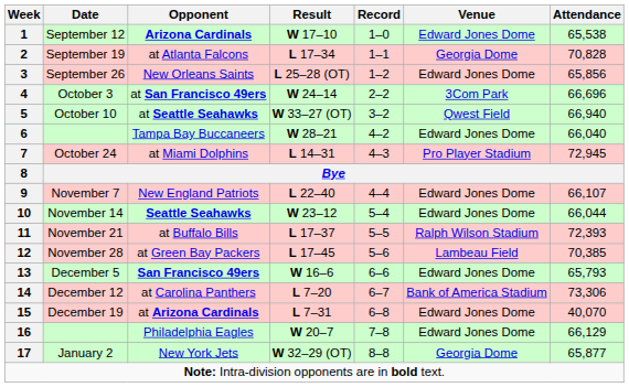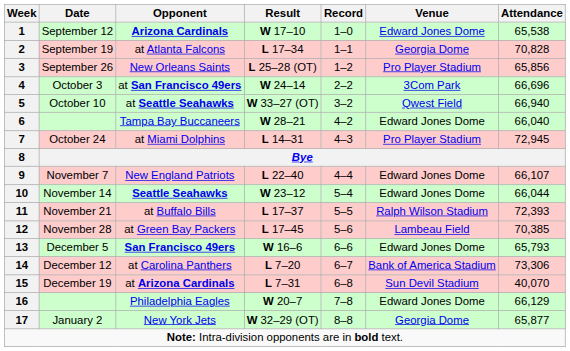 <table class="wikitable" style="text-align:center">
 <tr>
 <th>Week</th>
 <th>Date</th>
 <th>Opponent</th>
 <th>Result</th>
 <th>Record</th>
 <th>Venue</th>
 <th>Attendance</th>
 </tr>
 <tr style="background:#cfc">
 <th>1</th>
 <td>September 12</td>
 <td><strong><a href='#'>Arizona Cardinals</a></strong></td>
 <td><strong>W</strong> 17–10</td>
 <td>1–0</td>
 <td><a href='#'>Edward Jones Dome</a></td>
 <td>65,538</td>
 </tr>
 <tr style="background:#fcc">
 <th>2</th>
 <td>September 19</td>
 <td>at <a href='#'>Atlanta Falcons</a></td>
 <td><strong>L</strong> 17–34</td>
 <td>1–1</td>
 <td><a href='#'>Georgia Dome</a></td>
 <td>70,828</td>
 </tr>
 <tr style="background:#fcc">
 <th>3</th>
 <td>September 26</td>
 <td><a href='#'>New Orleans Saints</a></td>
 <td><strong>L</strong> 25–28 (OT)</td>
 <td>1–2</td>
-<td>Edward Jones Dome</td>
+<td><a href='#'>Pro Player Stadium</a></td>
 <td>65,856</td>
 </tr>
 <tr style="background:#cfc">
 <th>4</th>
 <td>October 3</td>
 <td>at <strong><a href='#'>San Francisco 49ers</a></strong></td>
 <td><strong>W</strong> 24–14</td>
 <td>2–2</td>
 <td><a href='#'>3Com Park</a></td>
 <td>66,696</td>
 </tr>
 <tr style="background:#cfc">
 <th>5</th>
 <td>October 10</td>
 <td>at <strong><a href='#'>Seattle Seahawks</a></strong></td>
 <td><strong>W</strong> 33–27 (OT)</td>
 <td>3–2</td>
 <td><a href='#'>Qwest Field</a></td>
 <td>66,940</td>
 </tr>
 <tr style="background:#cfc">
 <th>6</th>
 <td></td>
 <td><a href='#'>Tampa Bay Buccaneers</a></td>
 <td><strong>W</strong> 28–21</td>
 <td>4–2</td>
 <td>Edward Jones Dome</td>
 <td>66,040</td>
 </tr>
 <tr style="background:#fcc">
 <th>7</th>
 <td>October 24</td>
 <td>at <a href='#'>Miami Dolphins</a></td>
 <td><strong>L</strong> 14–31</td>
 <td>4–3</td>
 <td><a href='#'>Pro Player Stadium</a></td>
 <td>72,945</td>
 </tr>
 <tr>
 <th>8</th>
 <th colspan="6"><em><a href='#'>Bye</a></em></th>
 </tr>
 <tr style="background:#fcc">
 <th>9</th>
 <td>November 7</td>
 <td><a href='#'>New England Patriots</a></td>
 <td><strong>L</strong> 22–40</td>
 <td>4–4</td>
 <td>Edward Jones Dome</td>
 <td>66,107</td>
 </tr>
 <tr style="background:#cfc">
 <th>10</th>
 <td>November 14</td>
 <td><strong><a href='#'>Seattle Seahawks</a></strong></td>
 <td><strong>W</strong> 23–12</td>
 <td>5–4</td>
 <td>Edward Jones Dome</td>
 <td>66,044</td>
 </tr>
 <tr style="background:#fcc">
 <th>11</th>
 <td>November 21</td>
 <td>at <a href='#'>Buffalo Bills</a></td>
 <td><strong>L</strong> 17–37</td>
 <td>5–5</td>
 <td><a href='#'>Ralph Wilson Stadium</a></td>
 <td>72,393</td>
 </tr>
 <tr style="background:#fcc">
 <th>12</th>
 <td>November 28</td>
 <td>at <a href='#'>Green Bay Packers</a></td>
 <td><strong>L</strong> 17–45</td>
 <td>5–6</td>
 <td><a href='#'>Lambeau Field</a></td>
 <td>70,385</td>
 </tr>
 <tr style="background:#cfc">
 <th>13</th>
 <td>December 5</td>
 <td><strong><a href='#'>San Francisco 49ers</a></strong></td>
 <td><strong>W</strong> 16–6</td>
 <td>6–6</td>
 <td>Edward Jones Dome</td>
 <td>65,793</td>
 </tr>
 <tr style="background:#fcc">
 <th>14</th>
 <td>December 12</td>
 <td>at <a href='#'>Carolina Panthers</a></td>
 <td><strong>L</strong> 7–20</td>
 <td>6–7</td>
 <td><a href='#'>Bank of America Stadium</a></td>
 <td>73,306</td>
 </tr>
 <tr style="background:#fcc">
 <th>15</th>
 <td>December 19</td>
 <td>at <strong><a href='#'>Arizona Cardinals</a></strong></td>
 <td><strong>L</strong> 7–31</td>
 <td>6–8</td>
-<td>Edward Jones Dome</td>
+<td><a href='#'>Sun Devil Stadium</a></td>
 <td>40,070</td>
 </tr>
 <tr style="background:#cfc">
 <th>16</th>
 <td></td>
 <td><a href='#'>Philadelphia Eagles</a></td>
 <td><strong>W</strong> 20–7</td>
 <td>7–8</td>
 <td>Edward Jones Dome</td>
 <td>66,129</td>
 </tr>
 <tr style="background:#cfc">
 <th>17</th>
 <td>January 2</td>
 <td><a href='#'>New York Jets</a></td>
 <td><strong>W</strong> 32–29 (OT)</td>
 <td>8–8</td>
 <td><a href='#'>Georgia Dome</a></td>
 <td>65,877</td>
 </tr>
 <tr>
 <td colspan="7"><strong>Note:</strong> Intra-division opponents are in <strong>bold</strong> text.</td>
 </tr>
 </table>
